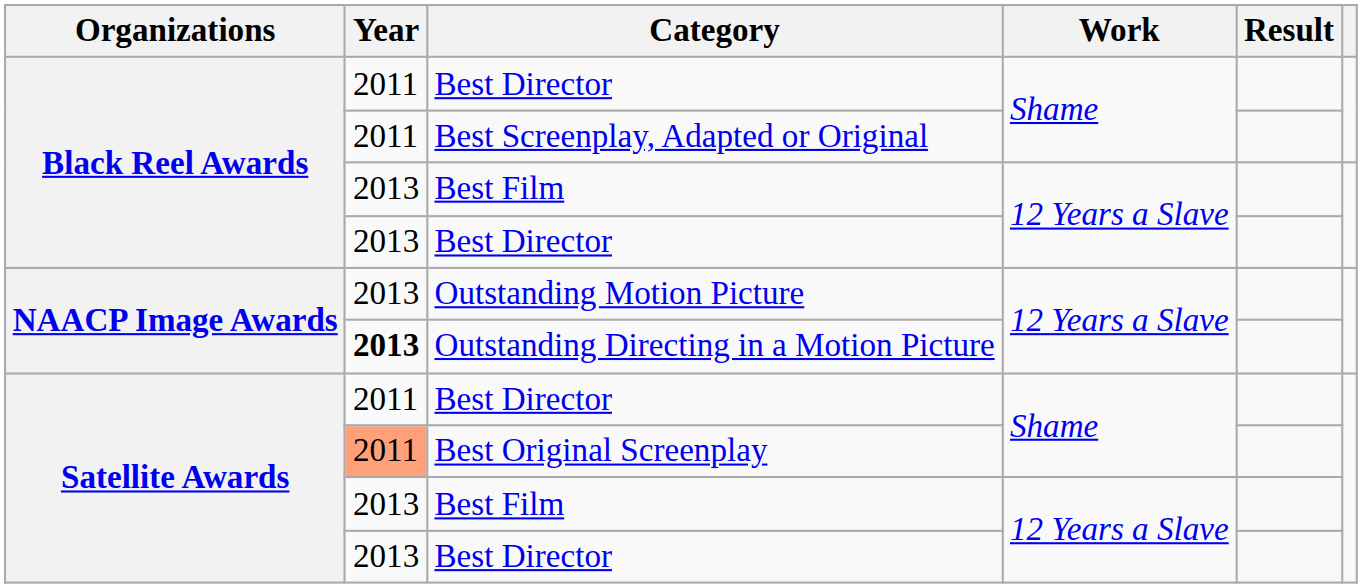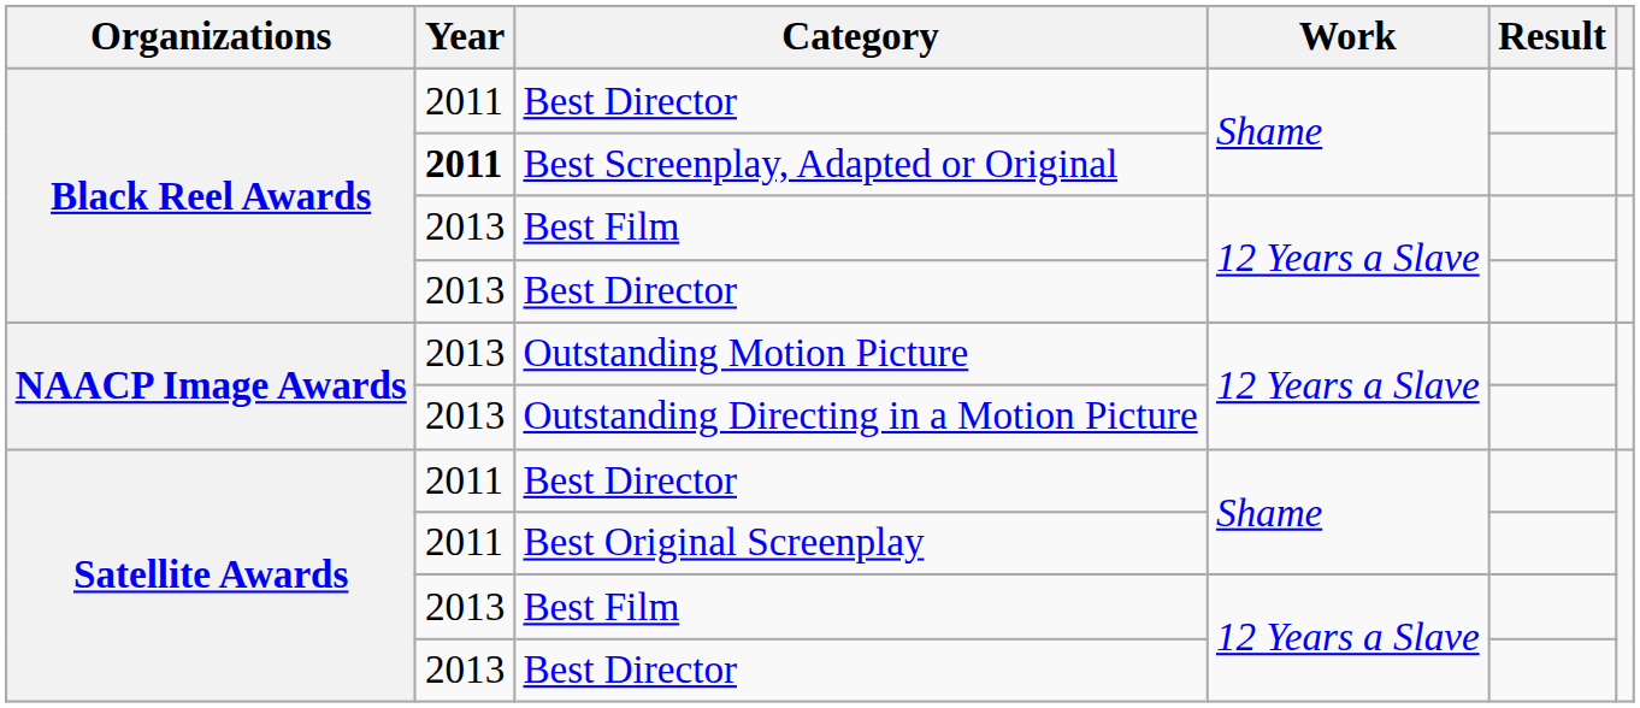 <table class= "wikitable plainrowheaders sortable">
 <tr>
 <th scope="col">Organizations</th>
 <th scope="col">Year</th>
 <th scope="col">Category</th>
 <th scope="col">Work</th>
 <th scope="col">Result</th>
 <th scope="col" class="unsortable"></th>
 </tr>
 <tr>
 <th scope="row" rowspan="4"><a href='#'>Black Reel Awards</a></th>
 <td>2011</td>
 <td><a href='#'>Best Director</a></td>
 <td rowspan="2"><em><a href='#'>Shame</a></em></td>
 <td></td>
 <td rowspan=2></td>
 </tr>
 <tr>
-<td>2011</td>
+<td><strong>2011</strong></td>
 <td><a href='#'>Best Screenplay, Adapted or Original</a> </td>
 <td></td>
 </tr>
 <tr>
 <td>2013</td>
 <td><a href='#'>Best Film</a></td>
 <td rowspan="2"><em><a href='#'>12 Years a Slave</a></em></td>
 <td></td>
 <td rowspan=2></td>
 </tr>
 <tr>
 <td>2013</td>
 <td><a href='#'>Best Director</a></td>
 <td></td>
 </tr>
 <tr>
 <th scope="row" rowspan="2"><a href='#'>NAACP Image Awards</a></th>
 <td>2013</td>
 <td><a href='#'>Outstanding Motion Picture</a></td>
 <td rowspan="2"><em><a href='#'>12 Years a Slave</a></em></td>
 <td></td>
 <td rowspan=2></td>
 </tr>
 <tr>
-<td><strong>2013</strong></td>
+<td>2013</td>
 <td><a href='#'>Outstanding Directing in a Motion Picture</a></td>
 <td></td>
 </tr>
 <tr>
 <th scope="row" rowspan="4"><a href='#'>Satellite Awards</a></th>
 <td>2011</td>
 <td><a href='#'>Best Director</a></td>
 <td rowspan="2"><em><a href='#'>Shame</a></em></td>
 <td></td>
 </tr>
 <tr>
-<td style="background: lightsalmon;">2011</td>
+<td>2011</td>
 <td><a href='#'>Best Original Screenplay</a></td>
 <td></td>
 </tr>
 <tr>
 <td>2013</td>
 <td><a href='#'>Best Film</a></td>
 <td rowspan="2"><em><a href='#'>12 Years a Slave</a></em></td>
 <td></td>
 </tr>
 <tr>
 <td>2013</td>
 <td><a href='#'>Best Director</a></td>
 <td></td>
 </tr>
 </table>
